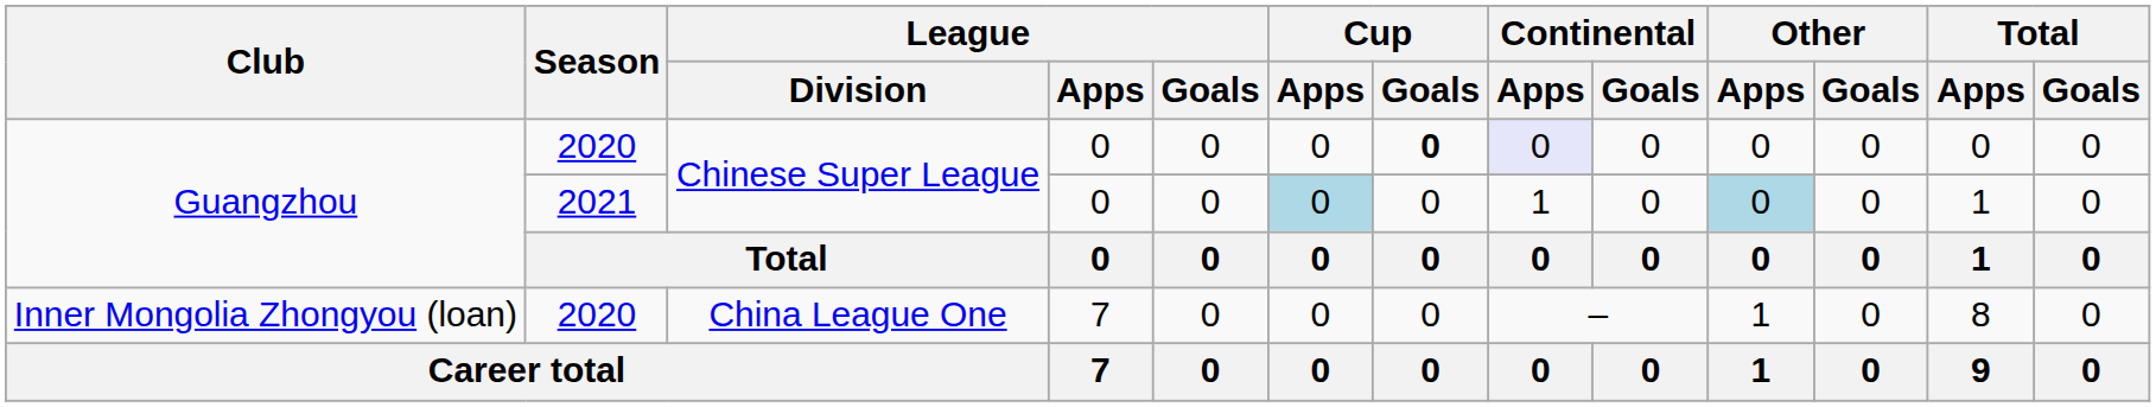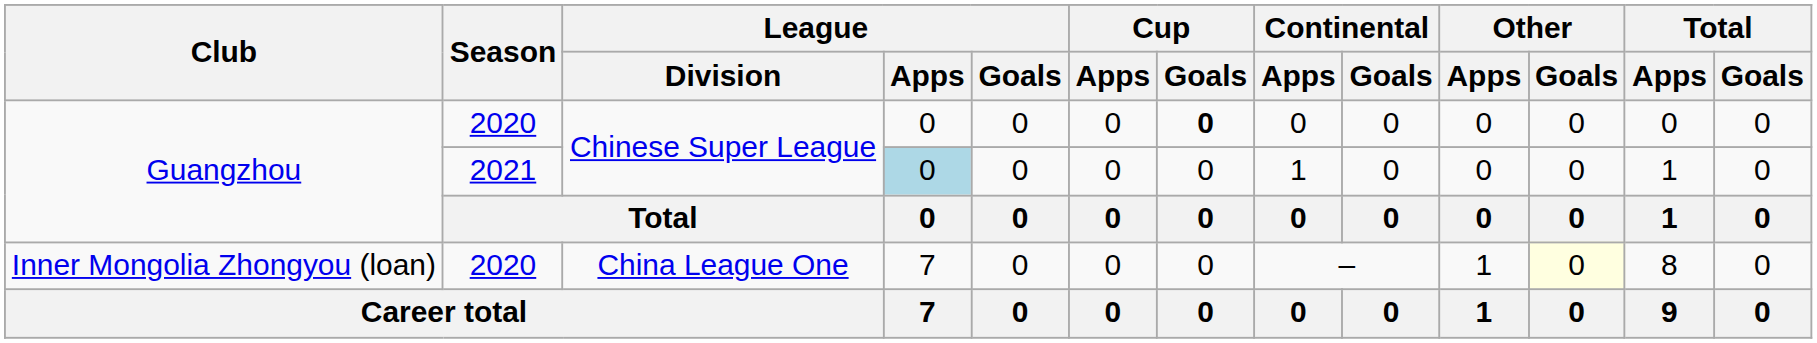 <table class="wikitable" style="text-align: center">
 <tr>
 <th rowspan="2">Club</th>
 <th rowspan="2">Season</th>
 <th colspan="3">League</th>
 <th colspan="2">Cup</th>
 <th colspan="2">Continental</th>
 <th colspan="2">Other</th>
 <th colspan="2">Total</th>
 </tr>
 <tr>
 <th>Division</th>
 <th>Apps</th>
 <th>Goals</th>
 <th>Apps</th>
 <th>Goals</th>
 <th>Apps</th>
 <th>Goals</th>
 <th>Apps</th>
 <th>Goals</th>
 <th>Apps</th>
 <th>Goals</th>
 </tr>
 <tr>
 <td rowspan="3"><a href='#'>Guangzhou</a></td>
 <td><a href='#'>2020</a></td>
 <td rowspan="2"><a href='#'>Chinese Super League</a></td>
 <td>0</td>
 <td>0</td>
 <td>0</td>
 <td><strong>0</strong></td>
-<td style="background: lavender;">0</td>
+<td>0</td>
 <td>0</td>
 <td>0</td>
 <td>0</td>
 <td>0</td>
 <td>0</td>
 </tr>
 <tr>
 <td><a href='#'>2021</a></td>
+<td style="background: lightblue;">0</td>
 <td>0</td>
 <td>0</td>
-<td style="background: lightblue;">0</td>
 <td>0</td>
 <td>1</td>
 <td>0</td>
-<td style="background: lightblue;">0</td>
+<td>0</td>
 <td>0</td>
 <td>1</td>
 <td>0</td>
 </tr>
 <tr>
 <th colspan=2>Total</th>
 <th>0</th>
 <th>0</th>
 <th>0</th>
 <th>0</th>
 <th>0</th>
 <th>0</th>
 <th>0</th>
 <th>0</th>
 <th>1</th>
 <th>0</th>
 </tr>
 <tr>
 <td><a href='#'>Inner Mongolia Zhongyou</a> (loan)</td>
 <td><a href='#'>2020</a></td>
 <td><a href='#'>China League One</a></td>
 <td>7</td>
 <td>0</td>
 <td>0</td>
 <td>0</td>
 <td colspan="2">–</td>
 <td>1</td>
-<td>0</td>
+<td style="background: lightyellow;">0</td>
 <td>8</td>
 <td>0</td>
 </tr>
 <tr>
 <th colspan=3>Career total</th>
 <th>7</th>
 <th>0</th>
 <th>0</th>
 <th>0</th>
 <th>0</th>
 <th>0</th>
 <th>1</th>
 <th>0</th>
 <th>9</th>
 <th>0</th>
 </tr>
 </table>
